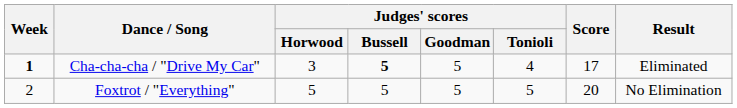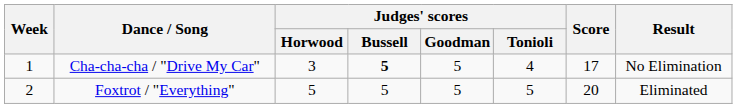 <table class="wikitable">
 <tr>
 <th rowspan="2">Week </th>
 <th rowspan="2">Dance / Song</th>
 <th colspan="4">Judges' scores</th>
 <th rowspan="2">Score</th>
 <th rowspan="2">Result</th>
 </tr>
 <tr>
 <th style="width:10%; ">Horwood</th>
 <th style="width:10%; ">Bussell</th>
 <th style="width:10%; ">Goodman</th>
 <th style="width:10%; ">Tonioli</th>
 </tr>
 <tr style="text-align: center; ">
-<td><strong>1</strong></td>
+<td>1</td>
 <td><a href='#'>Cha-cha-cha</a> / "<a href='#'>Drive My Car</a>"</td>
 <td>3</td>
 <td><strong>5</strong></td>
 <td>5</td>
 <td>4</td>
 <td>17</td>
-<td>Eliminated</td>
+<td>No Elimination</td>
 </tr>
 <tr style="text-align: center;">
 <td>2</td>
 <td><a href='#'>Foxtrot</a> / "<a href='#'>Everything</a>"</td>
 <td>5</td>
 <td>5</td>
 <td>5</td>
 <td>5</td>
 <td>20</td>
-<td>No Elimination</td>
+<td>Eliminated</td>
 </tr>
 </table>
